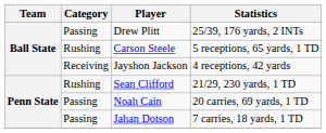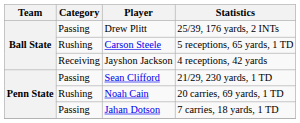 <table class="wikitable" style="float: left;">
 <tr>
 <th>Team</th>
 <th>Category</th>
 <th>Player</th>
 <th>Statistics</th>
 </tr>
 <tr>
 <th rowspan=3>Ball State</th>
 <td>Passing</td>
 <td>Drew Plitt</td>
 <td>25/39, 176 yards, 2 INTs</td>
 </tr>
 <tr>
 <td>Rushing</td>
 <td><a href='#'>Carson Steele</a></td>
 <td>5 receptions, 65 yards, 1 TD</td>
 </tr>
 <tr>
 <td>Receiving</td>
 <td>Jayshon Jackson</td>
 <td>4 receptions, 42 yards</td>
 </tr>
 <tr>
 <th rowspan=3 style=>Penn State</th>
-<td>Rushing</td>
+<td>Passing</td>
 <td><a href='#'>Sean Clifford</a></td>
 <td>21/29, 230 yards, 1 TD</td>
 </tr>
 <tr>
-<td>Passing</td>
+<td>Rushing</td>
 <td><a href='#'>Noah Cain</a></td>
 <td>20 carries, 69 yards, 1 TD</td>
 </tr>
 <tr>
 <td>Passing</td>
 <td><a href='#'>Jahan Dotson</a></td>
 <td>7 carries, 18 yards, 1 TD</td>
 </tr>
 <tr>
 </tr>
 </table>
